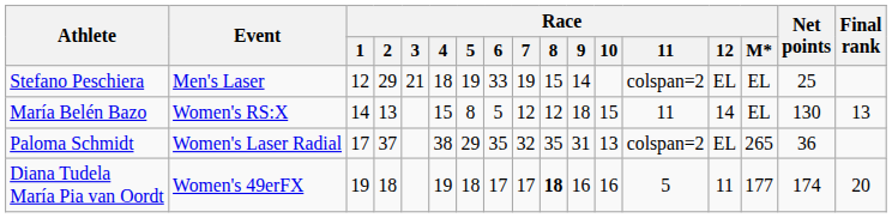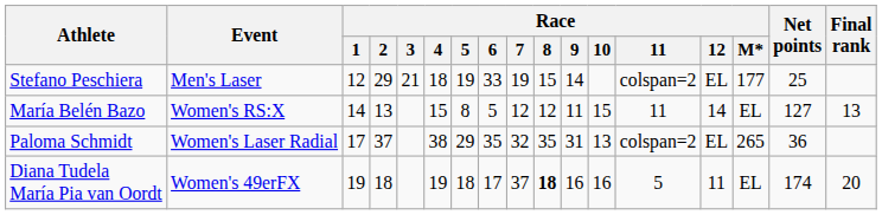 <table class="wikitable" style="font-size:90%">
 <tr>
 <th rowspan="2">Athlete</th>
 <th rowspan="2">Event</th>
 <th colspan=13>Race</th>
 <th rowspan=2>Net<br>points</th>
 <th rowspan=2>Final<br>rank</th>
 </tr>
 <tr style="font-size:95%">
 <th>1</th>
 <th>2</th>
 <th>3</th>
 <th>4</th>
 <th>5</th>
 <th>6</th>
 <th>7</th>
 <th>8</th>
 <th>9</th>
 <th>10</th>
 <th>11</th>
 <th>12</th>
 <th>M*</th>
 </tr>
 <tr align=center>
 <td align=left><a href='#'>Stefano Peschiera</a></td>
 <td align=left><a href='#'>Men's Laser</a></td>
 <td>12</td>
 <td>29</td>
 <td>21</td>
 <td>18</td>
 <td>19</td>
 <td>33</td>
 <td>19</td>
 <td>15</td>
 <td>14</td>
 <td></td>
 <td>colspan=2 </td>
 <td>EL</td>
-<td>EL</td>
+<td>177</td>
 <td>25</td>
 </tr>
 <tr align=center>
 <td align=left><a href='#'>María Belén Bazo</a></td>
 <td align=left><a href='#'>Women's RS:X</a></td>
 <td>14</td>
 <td>13</td>
 <td></td>
 <td>15</td>
 <td>8</td>
 <td>5</td>
 <td>12</td>
 <td>12</td>
-<td>18</td>
+<td>11</td>
 <td>15</td>
 <td>11</td>
 <td>14</td>
 <td>EL</td>
-<td>130</td>
+<td>127</td>
 <td>13</td>
 </tr>
 <tr align=center>
 <td align=left><a href='#'>Paloma Schmidt</a></td>
 <td align=left><a href='#'>Women's Laser Radial</a></td>
 <td>17</td>
 <td>37</td>
 <td></td>
 <td>38</td>
 <td>29</td>
 <td>35</td>
 <td>32</td>
 <td>35</td>
 <td>31</td>
 <td>13</td>
 <td>colspan=2 </td>
 <td>EL</td>
 <td>265</td>
 <td>36</td>
 </tr>
 <tr align=center>
 <td align=left><a href='#'>Diana Tudela</a><br><a href='#'>María Pia van Oordt</a></td>
 <td align=left><a href='#'>Women's 49erFX</a></td>
 <td>19</td>
 <td>18</td>
 <td></td>
 <td>19</td>
 <td>18</td>
 <td>17</td>
-<td>17</td>
+<td>37</td>
 <td><strong>18</strong></td>
 <td>16</td>
 <td>16</td>
 <td>5</td>
 <td>11</td>
-<td>177</td>
+<td>EL</td>
 <td>174</td>
 <td>20</td>
 </tr>
 </table>
